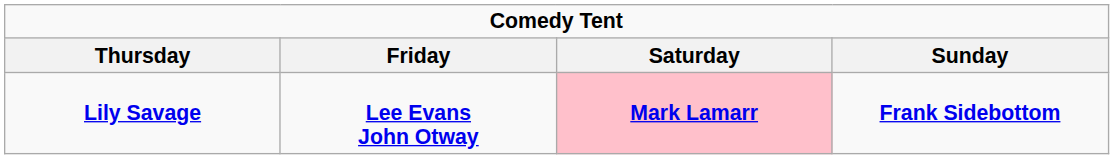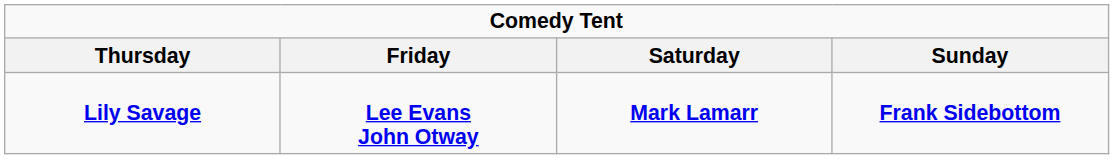 <table class="wikitable">
 <tr>
 <td colspan="4" style="text-align:center;"><strong>Comedy Tent</strong></td>
 </tr>
 <tr>
 <th>Thursday</th>
 <th>Friday</th>
 <th>Saturday</th>
 <th>Sunday</th>
 </tr>
 <tr>
 <td style="text-align:center; vertical-align:top; width:200px;"><br><strong><a href='#'>Lily Savage</a></strong></td>
 <td style="text-align:center; vertical-align:top; width:200px;"><br><strong><a href='#'>Lee Evans</a></strong><br> <strong><a href='#'>John Otway</a></strong></td>
-<td style="background: pink; text-align:center; vertical-align:top; width:200px;"><br><strong><a href='#'>Mark Lamarr</a></strong></td>
+<td style="text-align:center; vertical-align:top; width:200px;"><br><strong><a href='#'>Mark Lamarr</a></strong></td>
 <td style="text-align:center; vertical-align:top; width:200px;"><br><strong><a href='#'>Frank Sidebottom</a></strong></td>
 </tr>
 </table>
